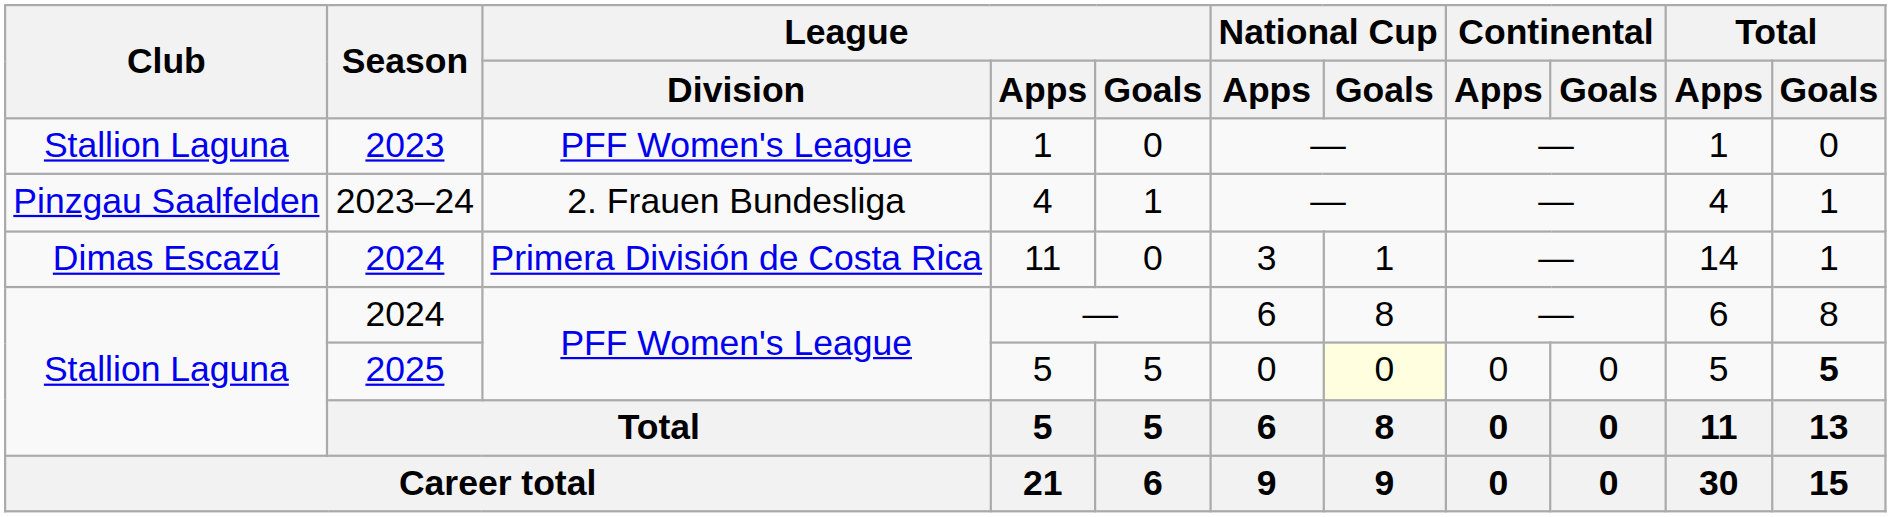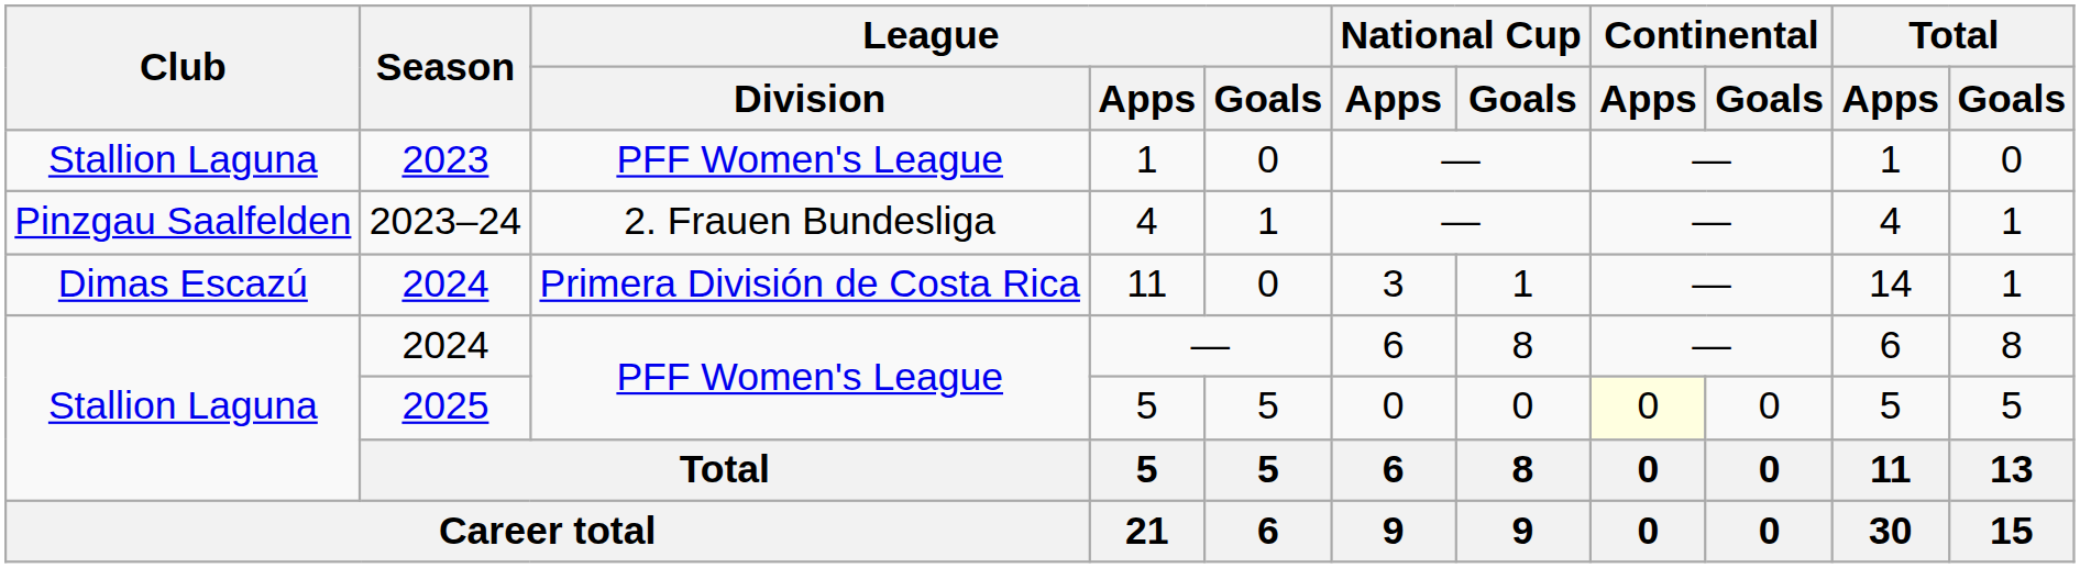 <table class="wikitable" style="text-align:center">
 <tr>
 <th rowspan="2">Club</th>
 <th rowspan="2">Season</th>
 <th colspan="3">League</th>
 <th colspan="2">National Cup</th>
 <th colspan="2">Continental</th>
 <th colspan="2">Total</th>
 </tr>
 <tr>
 <th>Division</th>
 <th>Apps</th>
 <th>Goals</th>
 <th>Apps</th>
 <th>Goals</th>
 <th>Apps</th>
 <th>Goals</th>
 <th>Apps</th>
 <th>Goals</th>
 </tr>
 <tr>
 <td><a href='#'>Stallion Laguna</a></td>
 <td><a href='#'>2023</a></td>
 <td><a href='#'>PFF Women's League</a></td>
 <td>1</td>
 <td>0</td>
 <td colspan="2">—</td>
 <td colspan="2">—</td>
 <td>1</td>
 <td>0</td>
 </tr>
 <tr>
 <td><a href='#'>Pinzgau Saalfelden</a></td>
 <td>2023–24</td>
 <td>2. Frauen Bundesliga</td>
 <td>4</td>
 <td>1</td>
 <td colspan="2">—</td>
 <td colspan="2">—</td>
 <td>4</td>
 <td>1</td>
 </tr>
 <tr>
 <td><a href='#'>Dimas Escazú</a></td>
 <td><a href='#'>2024</a></td>
 <td><a href='#'>Primera División de Costa Rica</a></td>
 <td>11</td>
 <td>0</td>
 <td>3</td>
 <td>1</td>
 <td colspan="2">—</td>
 <td>14</td>
 <td>1</td>
 </tr>
 <tr>
 <td rowspan="3"><a href='#'>Stallion Laguna</a></td>
 <td>2024</td>
 <td rowspan="2"><a href='#'>PFF Women's League</a></td>
 <td colspan="2">—</td>
 <td>6</td>
 <td>8</td>
 <td colspan="2">—</td>
 <td>6</td>
 <td>8</td>
 </tr>
 <tr>
 <td><a href='#'>2025</a></td>
 <td>5</td>
 <td>5</td>
 <td>0</td>
+<td>0</td>
 <td style="background: lightyellow;">0</td>
 <td>0</td>
-<td>0</td>
 <td>5</td>
-<td><strong>5</strong></td>
+<td>5</td>
 </tr>
 <tr>
 <th colspan="2">Total</th>
 <th>5</th>
 <th>5</th>
 <th>6</th>
 <th>8</th>
 <th>0</th>
 <th>0</th>
 <th>11</th>
 <th>13</th>
 </tr>
 <tr>
 <th colspan="3">Career total</th>
 <th>21</th>
 <th>6</th>
 <th>9</th>
 <th>9</th>
 <th>0</th>
 <th>0</th>
 <th>30</th>
 <th>15</th>
 </tr>
 </table>
